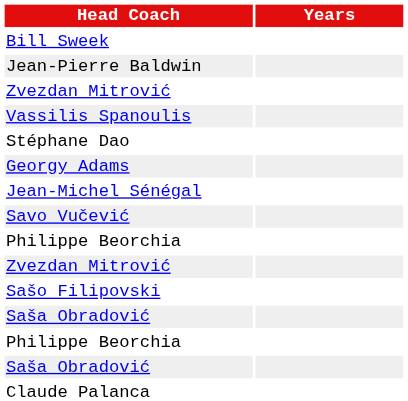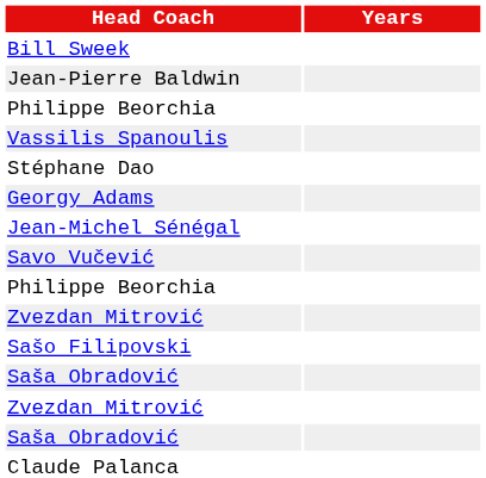 <table>
 <tr style="color:white; background:#e20e0e;">
 <th width="50%">Head Coach</th>
 <th width="30%">Years</th>
 </tr>
 <tr>
 <td> <a href='#'>Bill Sweek</a></td>
 <td></td>
 </tr>
 <tr bgcolor="#EFEFEF">
 <td> Jean-Pierre Baldwin</td>
 <td></td>
 </tr>
 <tr>
-<td> <a href='#'>Zvezdan Mitrović</a></td>
+<td>  Philippe Beorchia</td>
 <td></td>
 </tr>
 <tr bgcolor="#EFEFEF">
 <td> <a href='#'>Vassilis Spanoulis</a></td>
 <td></td>
 </tr>
 <tr>
 <td> Stéphane Dao</td>
 <td></td>
 </tr>
 <tr bgcolor="#EFEFEF">
 <td> <a href='#'>Georgy Adams</a></td>
 <td></td>
 </tr>
 <tr>
 <td> <a href='#'>Jean-Michel Sénégal</a></td>
 <td></td>
 </tr>
 <tr bgcolor="#EFEFEF">
 <td> <a href='#'>Savo Vučević</a></td>
 <td></td>
 </tr>
 <tr>
 <td> Philippe Beorchia</td>
 <td></td>
 </tr>
 <tr bgcolor="#EFEFEF">
 <td> <a href='#'>Zvezdan Mitrović</a></td>
 <td></td>
 </tr>
 <tr>
 <td> <a href='#'>Sašo Filipovski</a></td>
 <td></td>
 </tr>
 <tr bgcolor="#EFEFEF">
 <td> <a href='#'>Saša Obradović</a></td>
 <td></td>
 </tr>
 <tr>
-<td>  Philippe Beorchia</td>
+<td> <a href='#'>Zvezdan Mitrović</a></td>
 <td></td>
 </tr>
 <tr bgcolor="#EFEFEF">
 <td> <a href='#'>Saša Obradović</a></td>
 <td></td>
 </tr>
 <tr>
 <td> Claude Palanca</td>
 <td></td>
 </tr>
 </table>
